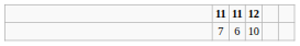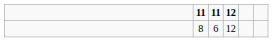 <table class="wikitable">
 <tr>
 <td style="width:18em"></td>
 <td align=center style="width:1em"><strong>11</strong></td>
 <td align=center style="width:1em"><strong>11</strong></td>
 <td align=center style="width:1em"><strong>12</strong></td>
 <td align=center style="width:1em"></td>
 <td align=center style="width:1em"></td>
 </tr>
 <tr>
 <td style="width:18em"></td>
-<td align=center style="width:1em">7</td>
+<td align=center style="width:1em">8</td>
 <td align=center style="width:1em">6</td>
-<td align=center style="width:1em">10</td>
+<td align=center style="width:1em">12</td>
 <td align=center style="width:1em"></td>
 <td align=center style="width:1em"></td>
 </tr>
 </table>
